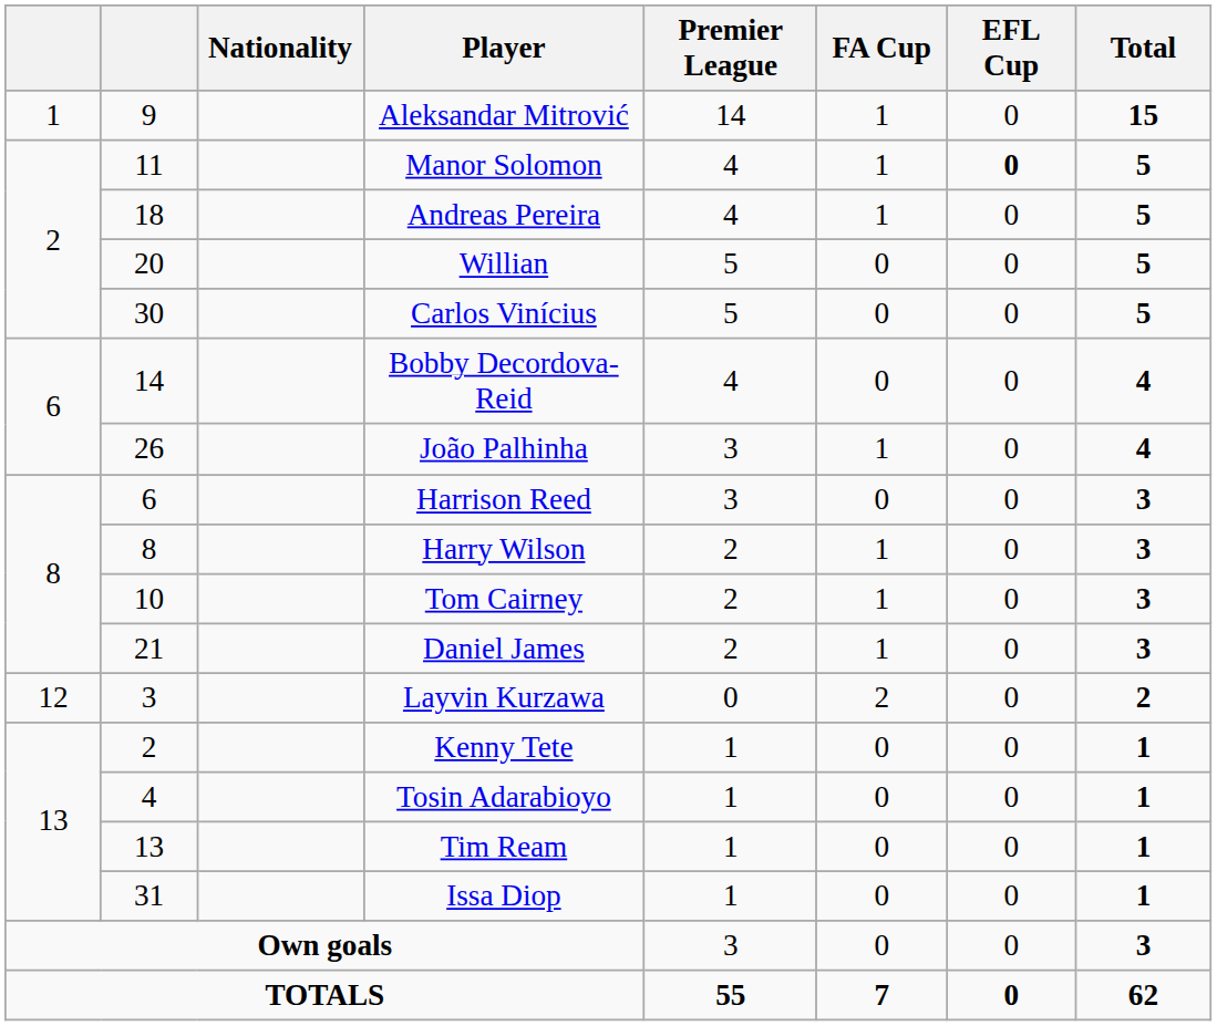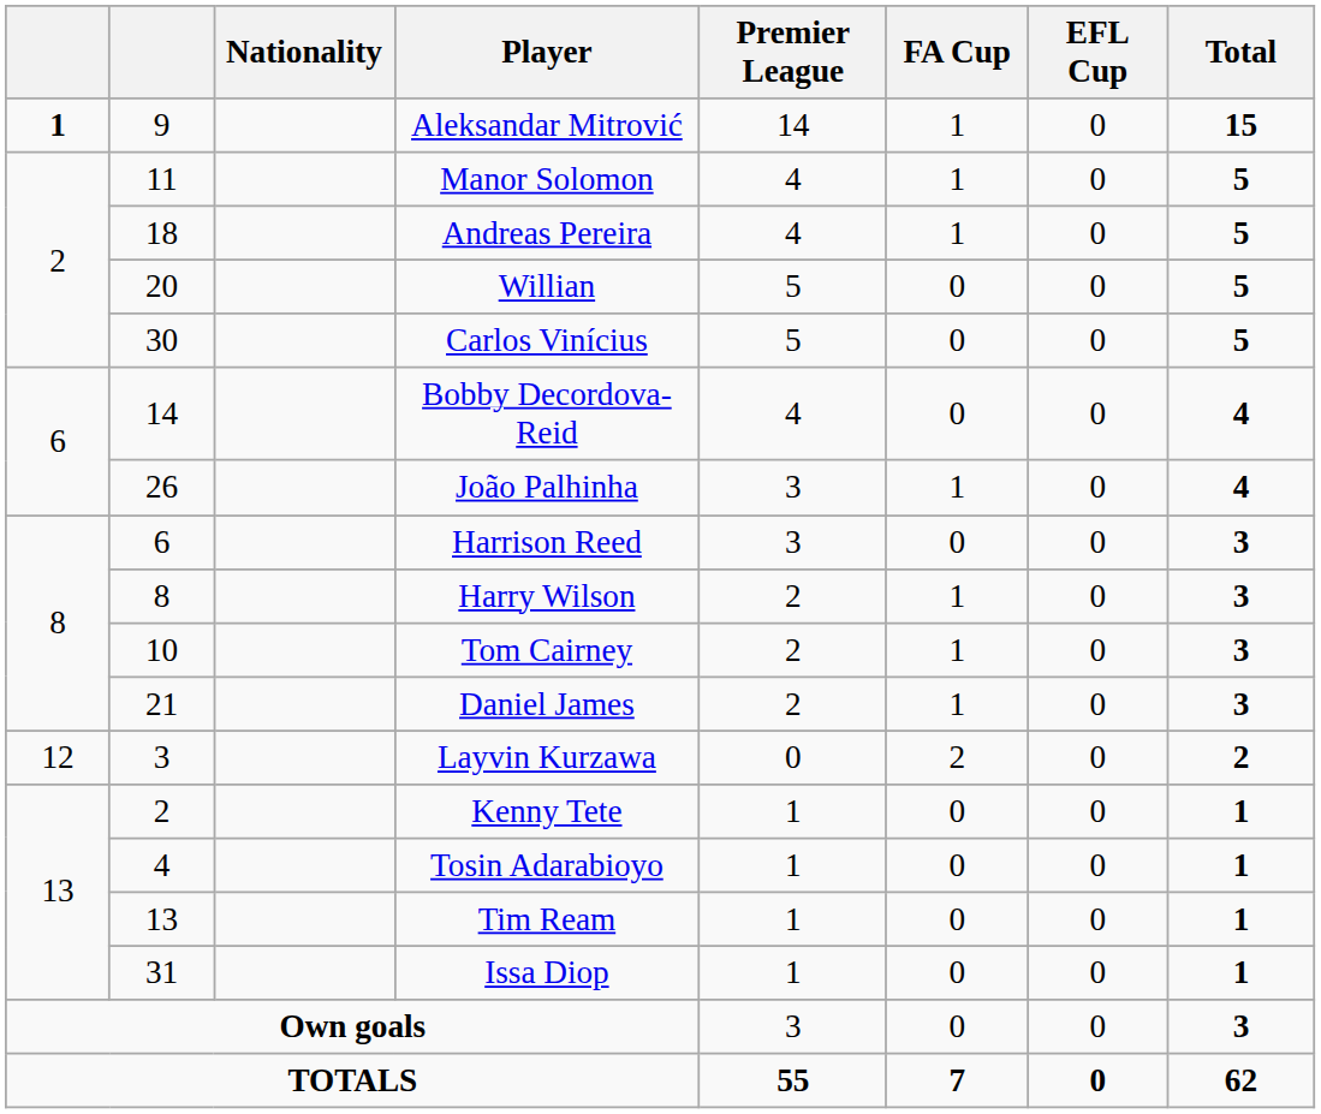 <table class="wikitable" style="font-size: 95%; text-align: center;">
 <tr>
 <th width=60></th>
 <th width=60></th>
 <th width=80>Nationality</th>
 <th width=180>Player</th>
 <th width=100>Premier League</th>
 <th width=80>FA Cup</th>
 <th width=80>EFL Cup</th>
 <th width=80>Total</th>
 </tr>
 <tr>
-<td rowspan="1">1</td>
+<td rowspan="1"><strong>1</strong></td>
 <td>9</td>
 <td></td>
 <td><a href='#'>Aleksandar Mitrović</a></td>
 <td>14</td>
 <td>1</td>
 <td>0</td>
 <td><strong>15</strong></td>
 </tr>
 <tr>
 <td rowspan="4">2</td>
 <td>11</td>
 <td></td>
 <td><a href='#'>Manor Solomon</a></td>
 <td>4</td>
 <td>1</td>
-<td><strong>0</strong></td>
+<td>0</td>
 <td><strong>5</strong></td>
 </tr>
 <tr>
 <td>18</td>
 <td></td>
 <td><a href='#'>Andreas Pereira</a></td>
 <td>4</td>
 <td>1</td>
 <td>0</td>
 <td><strong>5</strong></td>
 </tr>
 <tr>
 <td>20</td>
 <td></td>
 <td><a href='#'>Willian</a></td>
 <td>5</td>
 <td>0</td>
 <td>0</td>
 <td><strong>5</strong></td>
 </tr>
 <tr>
 <td>30</td>
 <td></td>
 <td><a href='#'>Carlos Vinícius</a></td>
 <td>5</td>
 <td>0</td>
 <td>0</td>
 <td><strong>5</strong></td>
 </tr>
 <tr>
 <td rowspan="2">6</td>
 <td>14</td>
 <td></td>
 <td><a href='#'>Bobby Decordova-Reid</a></td>
 <td>4</td>
 <td>0</td>
 <td>0</td>
 <td><strong>4</strong></td>
 </tr>
 <tr>
 <td>26</td>
 <td></td>
 <td><a href='#'>João Palhinha</a></td>
 <td>3</td>
 <td>1</td>
 <td>0</td>
 <td><strong>4</strong></td>
 </tr>
 <tr>
 <td rowspan="4">8</td>
 <td>6</td>
 <td></td>
 <td><a href='#'>Harrison Reed</a></td>
 <td>3</td>
 <td>0</td>
 <td>0</td>
 <td><strong>3</strong></td>
 </tr>
 <tr>
 <td>8</td>
 <td></td>
 <td><a href='#'>Harry Wilson</a></td>
 <td>2</td>
 <td>1</td>
 <td>0</td>
 <td><strong>3</strong></td>
 </tr>
 <tr>
 <td>10</td>
 <td></td>
 <td><a href='#'>Tom Cairney</a></td>
 <td>2</td>
 <td>1</td>
 <td>0</td>
 <td><strong>3</strong></td>
 </tr>
 <tr>
 <td>21</td>
 <td></td>
 <td><a href='#'>Daniel James</a></td>
 <td>2</td>
 <td>1</td>
 <td>0</td>
 <td><strong>3</strong></td>
 </tr>
 <tr>
 <td rowspan="1">12</td>
 <td>3</td>
 <td></td>
 <td><a href='#'>Layvin Kurzawa</a></td>
 <td>0</td>
 <td>2</td>
 <td>0</td>
 <td><strong>2</strong></td>
 </tr>
 <tr>
 <td rowspan="4">13</td>
 <td>2</td>
 <td></td>
 <td><a href='#'>Kenny Tete</a></td>
 <td>1</td>
 <td>0</td>
 <td>0</td>
 <td><strong>1</strong></td>
 </tr>
 <tr>
 <td>4</td>
 <td></td>
 <td><a href='#'>Tosin Adarabioyo</a></td>
 <td>1</td>
 <td>0</td>
 <td>0</td>
 <td><strong>1</strong></td>
 </tr>
 <tr>
 <td>13</td>
 <td></td>
 <td><a href='#'>Tim Ream</a></td>
 <td>1</td>
 <td>0</td>
 <td>0</td>
 <td><strong>1</strong></td>
 </tr>
 <tr>
 <td>31</td>
 <td></td>
 <td><a href='#'>Issa Diop</a></td>
 <td>1</td>
 <td>0</td>
 <td>0</td>
 <td><strong>1</strong></td>
 </tr>
 <tr>
 <td colspan=4><strong>Own goals</strong></td>
 <td>3</td>
 <td>0</td>
 <td>0</td>
 <td><strong>3</strong></td>
 </tr>
 <tr>
 <td colspan=4><strong>TOTALS</strong></td>
 <td><strong>55</strong></td>
 <td><strong>7</strong></td>
 <td><strong>0</strong></td>
 <td><strong>62</strong></td>
 </tr>
 </table>
